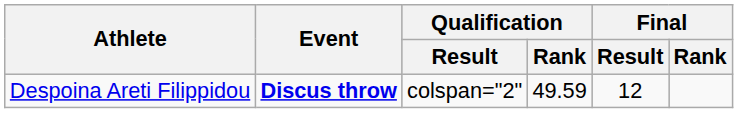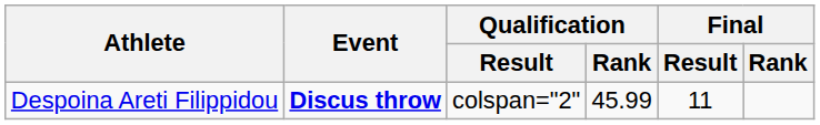 <table class="wikitable" style="font-size:90%; text-align:center">
 <tr>
 <th rowspan="2">Athlete</th>
 <th rowspan="2">Event</th>
 <th colspan="2">Qualification</th>
 <th colspan="2">Final</th>
 </tr>
 <tr>
 <th>Result</th>
 <th>Rank</th>
 <th>Result</th>
 <th>Rank</th>
 </tr>
 <tr>
 <td align="left"><a href='#'>Despoina Areti Filippidou</a></td>
 <td align="left"><strong><a href='#'>Discus throw</a></strong></td>
 <td>colspan="2" </td>
-<td>49.59</td>
-<td>12</td>
+<td>45.99</td>
+<td>11</td>
 </tr>
 </table>
